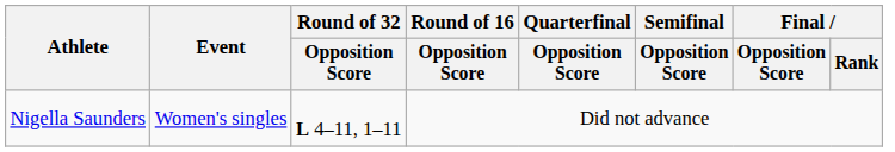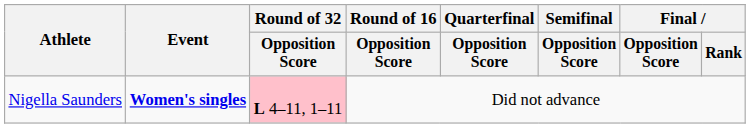 <table class=wikitable style="font-size:90%">
 <tr>
 <th rowspan="2">Athlete</th>
 <th rowspan="2">Event</th>
 <th>Round of 32</th>
 <th>Round of 16</th>
 <th>Quarterfinal</th>
 <th>Semifinal</th>
 <th colspan=2>Final / </th>
 </tr>
 <tr style="font-size:95%">
 <th>Opposition<br>Score</th>
 <th>Opposition<br>Score</th>
 <th>Opposition<br>Score</th>
 <th>Opposition<br>Score</th>
 <th>Opposition<br>Score</th>
 <th>Rank</th>
 </tr>
 <tr align=center>
 <td align=left><a href='#'>Nigella Saunders</a></td>
-<td align=left><a href='#'>Women's singles</a></td>
-<td><br><strong>L</strong> 4–11, 1–11</td>
+<td align=left><strong><a href='#'>Women's singles</a></strong></td>
+<td style="background: pink;"><br><strong>L</strong> 4–11, 1–11</td>
 <td colspan=5>Did not advance</td>
 </tr>
 </table>
